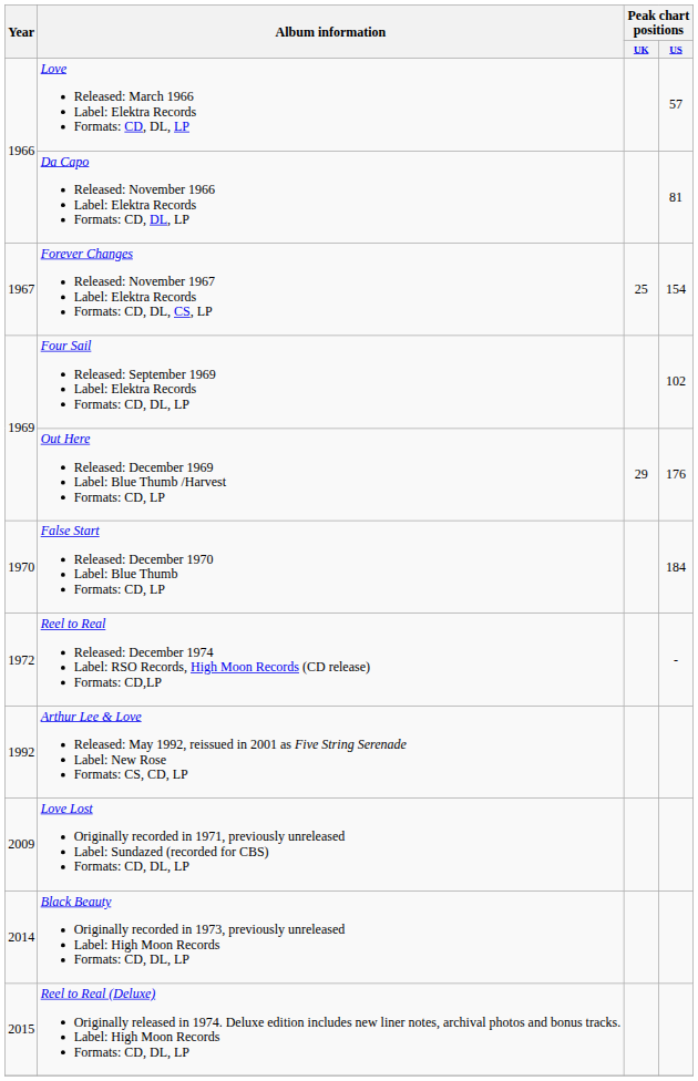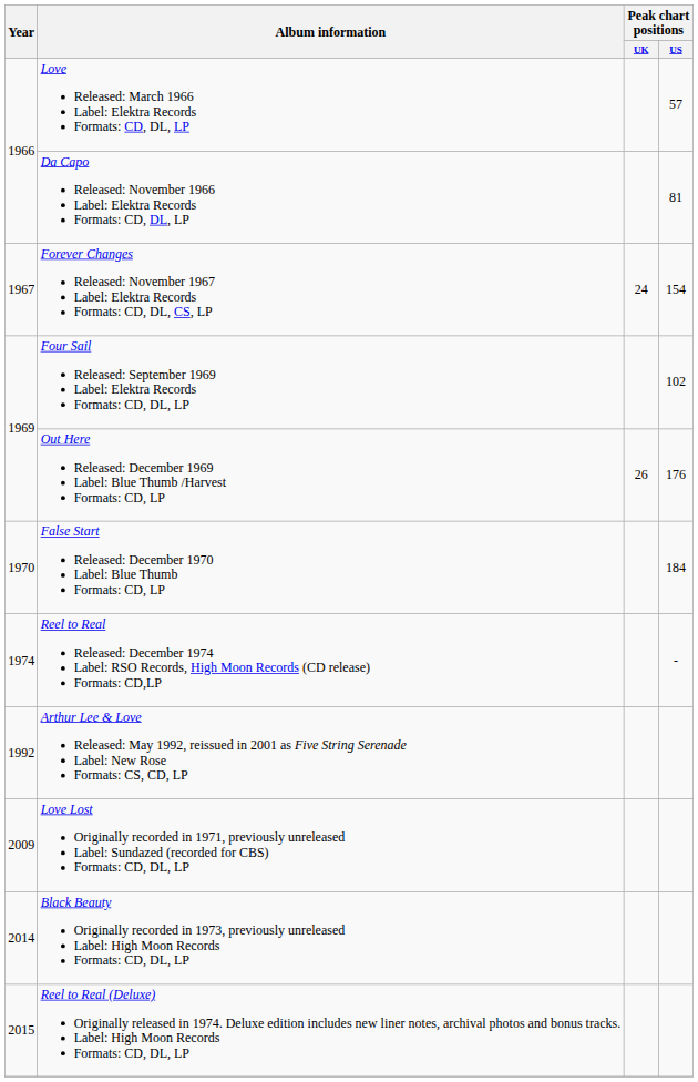 <table class="wikitable">
 <tr>
 <th rowspan="2">Year</th>
 <th rowspan="2">Album information</th>
 <th colspan="2">Peak chart positions</th>
 </tr>
 <tr>
 <th style="width:3em;font-size:75%"><a href='#'>UK</a><br></th>
 <th style="width:3em;font-size:75%"><a href='#'>US</a><br></th>
 </tr>
 <tr>
 <td rowspan="2">1966</td>
 <td><em><a href='#'>Love</a></em><br><ul><li>Released: March 1966</li><li>Label: Elektra Records</li><li>Formats: <a href='#'>CD</a>, DL, <a href='#'>LP</a></li></ul></td>
 <td style="text-align:center;"></td>
 <td style="text-align:center;">57</td>
 </tr>
 <tr>
 <td><em><a href='#'>Da Capo</a></em><br><ul><li>Released: November 1966</li><li>Label: Elektra Records</li><li>Formats: CD, <a href='#'>DL</a>, LP</li></ul></td>
 <td style="text-align:center;"></td>
 <td style="text-align:center;">81</td>
 </tr>
 <tr>
 <td>1967</td>
 <td><em><a href='#'>Forever Changes</a></em><br><ul><li>Released: November 1967</li><li>Label: Elektra Records</li><li>Formats: CD, DL, <a href='#'>CS</a>, LP</li></ul></td>
-<td style="text-align:center;">25</td>
+<td style="text-align:center;">24</td>
 <td style="text-align:center;">154</td>
 </tr>
 <tr>
 <td rowspan="2">1969</td>
 <td><em><a href='#'>Four Sail</a></em><br><ul><li>Released: September 1969</li><li>Label: Elektra Records</li><li>Formats: CD, DL, LP</li></ul></td>
 <td style="text-align:center;"></td>
 <td style="text-align:center;">102</td>
 </tr>
 <tr>
 <td><em><a href='#'>Out Here</a></em><br><ul><li>Released: December 1969</li><li>Label: Blue Thumb /Harvest</li><li>Formats: CD, LP</li></ul></td>
-<td style="text-align:center;">29</td>
+<td style="text-align:center;">26</td>
 <td style="text-align:center;">176</td>
 </tr>
 <tr>
 <td>1970</td>
 <td><em><a href='#'>False Start</a></em><br><ul><li>Released: December 1970</li><li>Label: Blue Thumb</li><li>Formats: CD, LP</li></ul></td>
 <td style="text-align:center;"></td>
 <td style="text-align:center;">184</td>
 </tr>
 <tr>
-<td>1972</td>
+<td>1974</td>
 <td><em><a href='#'>Reel to Real</a></em><br><ul><li>Released: December 1974</li><li>Label: RSO Records, <a href='#'>High Moon Records</a> (CD release)</li><li>Formats: CD,LP</li></ul></td>
 <td style="text-align:center;"></td>
 <td style="text-align:center;">-</td>
 </tr>
 <tr>
 <td>1992</td>
 <td><em><a href='#'>Arthur Lee & Love</a></em><br><ul><li>Released: May 1992, reissued in 2001 as <em>Five String Serenade</em></li><li>Label: New Rose</li><li>Formats: CS, CD, LP</li></ul></td>
 <td style="text-align:center;"></td>
 <td style="text-align:center;"></td>
 </tr>
 <tr>
 <td>2009</td>
 <td><em><a href='#'>Love Lost</a></em><br><ul><li>Originally recorded in 1971, previously unreleased</li><li>Label: Sundazed (recorded for CBS)</li><li>Formats: CD, DL, LP</li></ul></td>
 <td style="text-align:center;"></td>
 <td style="text-align:center;"></td>
 </tr>
 <tr>
 <td>2014</td>
 <td><em><a href='#'>Black Beauty</a></em><br><ul><li>Originally recorded in 1973, previously unreleased</li><li>Label: High Moon Records</li><li>Formats: CD, DL, LP</li></ul></td>
 <td style="text-align:center;"></td>
 <td style="text-align:center;"></td>
 </tr>
 <tr>
 <td>2015</td>
 <td><em><a href='#'>Reel to Real (Deluxe)</a></em><br><ul><li>Originally released in 1974. Deluxe edition includes   new liner notes, archival photos and bonus tracks.</li><li>Label: High Moon Records</li><li>Formats: CD, DL, LP</li></ul></td>
 <td></td>
 <td></td>
 </tr>
 <tr>
 </tr>
 </table>
